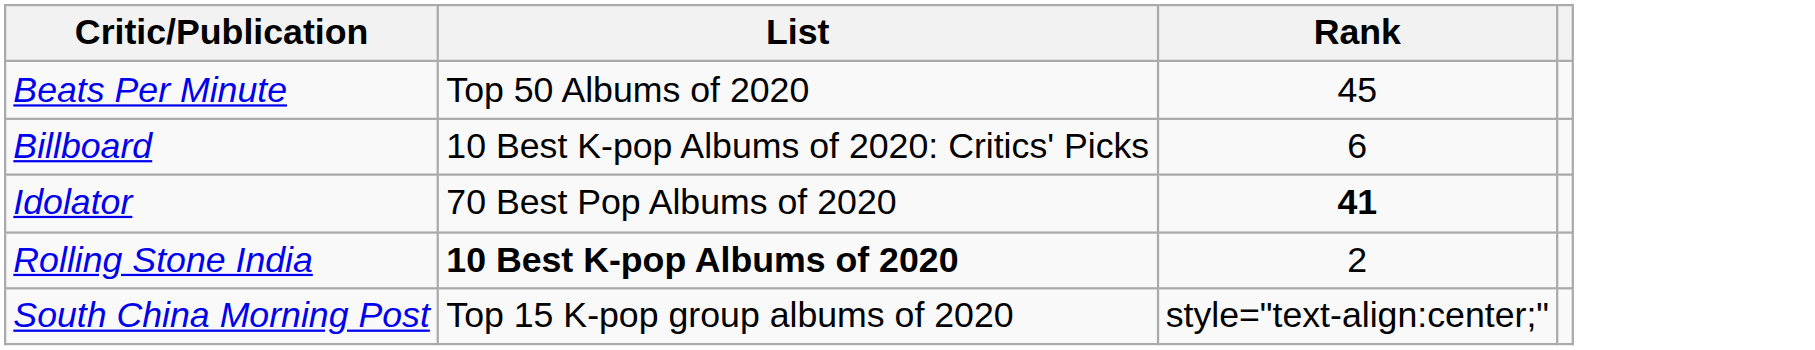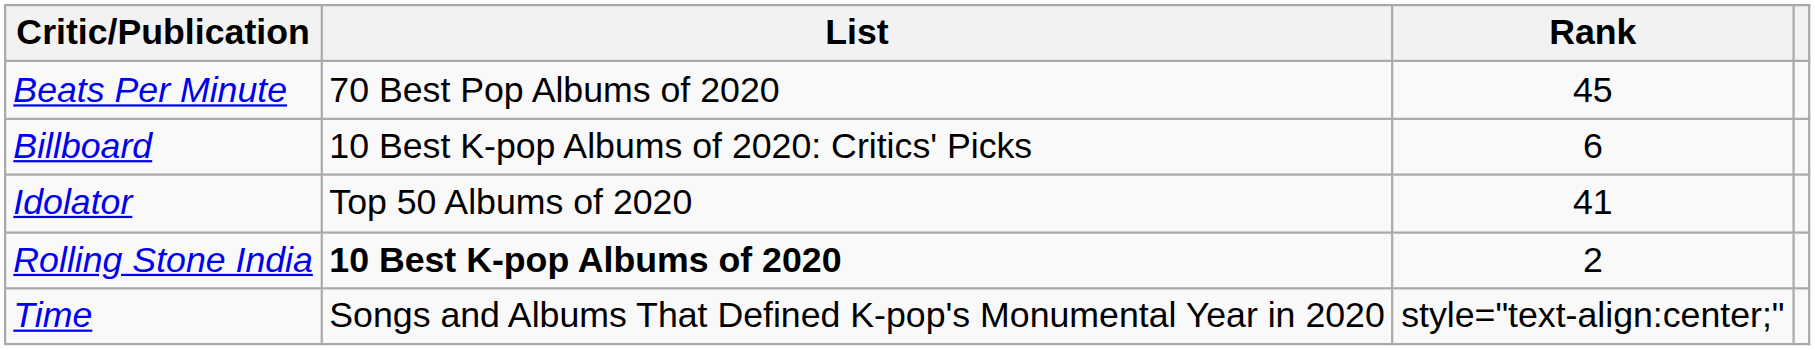 <table class="wikitable plainrowheaders sortable">
 <tr>
 <th>Critic/Publication</th>
 <th scope="col" class="unsortable">List</th>
 <th data-sort-type="number">Rank</th>
 <th scope="col" class="unsortable"></th>
 </tr>
 <tr>
 <td><em><a href='#'>Beats Per Minute</a></em></td>
-<td>Top 50 Albums of 2020</td>
+<td>70 Best Pop Albums of 2020</td>
 <td style="text-align:center;">45</td>
 <td style="text-align:center;"></td>
 </tr>
 <tr>
 <td><em><a href='#'>Billboard</a></em></td>
 <td>10 Best K-pop Albums of 2020: Critics' Picks</td>
 <td style="text-align:center;">6</td>
 <td style="text-align:center;"></td>
 </tr>
 <tr>
 <td><em><a href='#'>Idolator</a></em></td>
-<td>70 Best Pop Albums of 2020</td>
-<td style="text-align:center;"><strong>41</strong></td>
+<td>Top 50 Albums of 2020</td>
+<td style="text-align:center;">41</td>
 <td style="text-align:center;"></td>
 </tr>
 <tr>
 <td><em><a href='#'>Rolling Stone India</a></em></td>
 <td><strong>10 Best K-pop Albums of 2020</strong></td>
 <td style="text-align:center;">2</td>
 <td style="text-align:center;"></td>
 </tr>
 <tr>
-<td><em><a href='#'>South China Morning Post</a></em></td>
-<td>Top 15 K-pop group albums of 2020</td>
+<td><em><a href='#'>Time</a></em></td>
+<td>Songs and Albums That Defined K-pop's Monumental Year in 2020</td>
 <td>style="text-align:center;" </td>
 <td style="text-align:center;"></td>
 </tr>
 </table>
